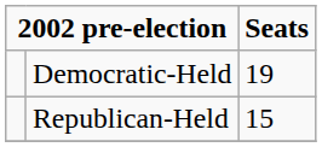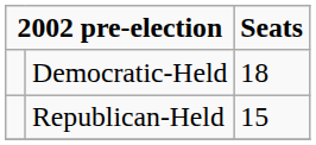 <table class="wikitable">
 <tr>
 <td colspan="2" rowspan="1" align="center" valign="top"><strong>2002 pre-election</strong></td>
 <td style="vertical-align:top;"><strong>Seats</strong><br></td>
 </tr>
 <tr>
 <td style="background-color:"> </td>
 <td>Democratic-Held</td>
-<td>19</td>
+<td>18</td>
 </tr>
 <tr>
 <td style="background-color:"> </td>
 <td>Republican-Held</td>
 <td>15</td>
 </tr>
 <tr>
 </tr>
 </table>
